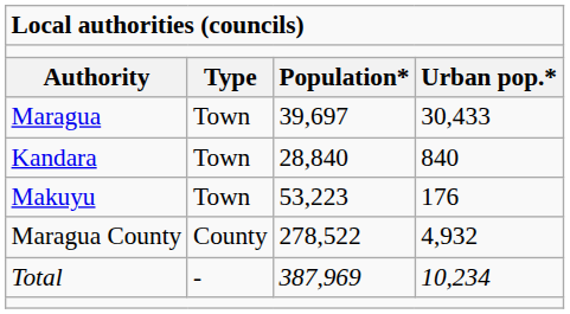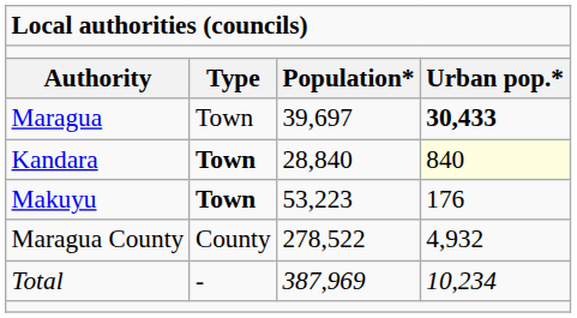 <table class="wikitable">
 <tr>
 <td colspan="5"><strong>Local authorities (councils)</strong></td>
 </tr>
 <tr>
 <td colspan="5"></td>
 </tr>
 <tr>
 <th>Authority</th>
 <th>Type</th>
 <th>Population*</th>
 <th>Urban pop.*</th>
 </tr>
 <tr>
 <td><a href='#'>Maragua</a></td>
 <td>Town</td>
 <td>39,697</td>
-<td>30,433</td>
+<td><strong>30,433</strong></td>
 </tr>
 <tr>
 <td><a href='#'>Kandara</a></td>
-<td>Town</td>
+<td><strong>Town</strong></td>
 <td>28,840</td>
-<td>840</td>
+<td style="background: lightyellow;">840</td>
 </tr>
 <tr>
 <td><a href='#'>Makuyu</a></td>
-<td>Town</td>
+<td><strong>Town</strong></td>
 <td>53,223</td>
 <td>176</td>
 </tr>
 <tr>
 <td>Maragua County</td>
 <td>County</td>
 <td>278,522</td>
 <td>4,932</td>
 </tr>
 <tr>
 <td><em>Total</em></td>
 <td>-</td>
 <td><em>387,969</em></td>
 <td><em>10,234</em></td>
 </tr>
 <tr>
 <td colspan="5"></td>
 </tr>
 </table>
